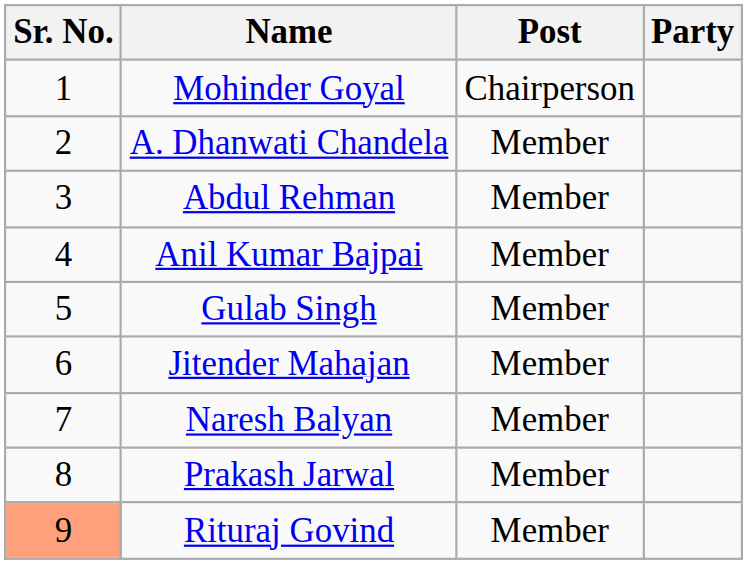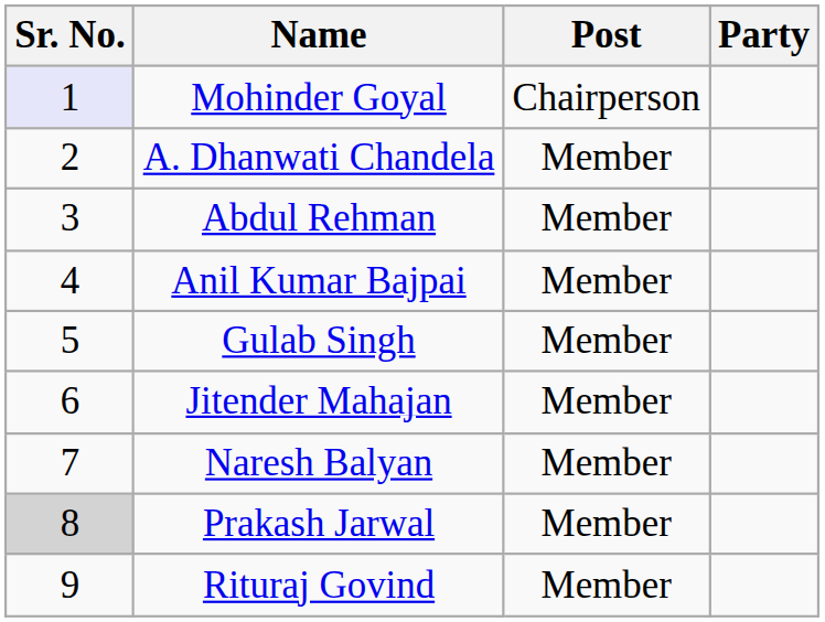 <table class="wikitable sortable">
 <tr>
 <th>Sr. No.</th>
 <th>Name</th>
 <th>Post</th>
 <th colspan="2">Party</th>
 </tr>
 <tr align="center">
-<td>1</td>
+<td style="background: lavender;">1</td>
 <td><a href='#'>Mohinder Goyal</a></td>
 <td>Chairperson</td>
 <td></td>
 </tr>
 <tr align="center">
 <td>2</td>
 <td><a href='#'>A. Dhanwati Chandela</a></td>
 <td>Member</td>
 <td></td>
 </tr>
 <tr align="center">
 <td>3</td>
 <td><a href='#'>Abdul Rehman</a></td>
 <td>Member</td>
 <td></td>
 </tr>
 <tr align="center">
 <td>4</td>
 <td><a href='#'>Anil Kumar Bajpai</a></td>
 <td>Member</td>
 <td></td>
 </tr>
 <tr align="center">
 <td>5</td>
 <td><a href='#'>Gulab Singh</a></td>
 <td>Member</td>
 <td></td>
 </tr>
 <tr align="center">
 <td>6</td>
 <td><a href='#'>Jitender Mahajan</a></td>
 <td>Member</td>
 <td></td>
 </tr>
 <tr align="center">
 <td>7</td>
 <td><a href='#'>Naresh Balyan</a></td>
 <td>Member</td>
 <td></td>
 </tr>
 <tr align="center">
-<td>8</td>
+<td style="background: lightgrey;">8</td>
 <td><a href='#'>Prakash Jarwal</a></td>
 <td>Member</td>
 <td></td>
 </tr>
 <tr align="center">
-<td style="background: lightsalmon;">9</td>
+<td>9</td>
 <td><a href='#'>Rituraj Govind</a></td>
 <td>Member</td>
 <td></td>
 </tr>
 </table>
